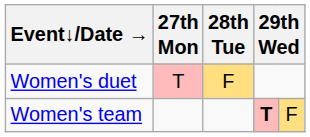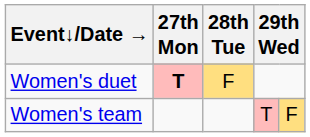 <table class="wikitable" style="margin:0.5em auto; font-size:90%; line-height:1.25em; text-align:center;">
 <tr>
 <th>Event↓/Date →</th>
 <th>27th<br>Mon</th>
 <th>28th<br>Tue</th>
 <th colspan=2>29th<br>Wed</th>
 </tr>
 <tr>
 <td align="left"><a href='#'>Women's duet</a></td>
-<td bgcolor="#FFBBBB">T</td>
+<td bgcolor="#FFBBBB"><strong>T</strong></td>
 <td bgcolor="#FFDF80">F</td>
 <td colspan=2></td>
 </tr>
 <tr>
 <td align="left"><a href='#'>Women's team</a></td>
 <td></td>
 <td></td>
-<td bgcolor="#FFBBBB"><strong>T</strong></td>
+<td bgcolor="#FFBBBB">T</td>
 <td bgcolor="#FFDF80">F</td>
 </tr>
 </table>
